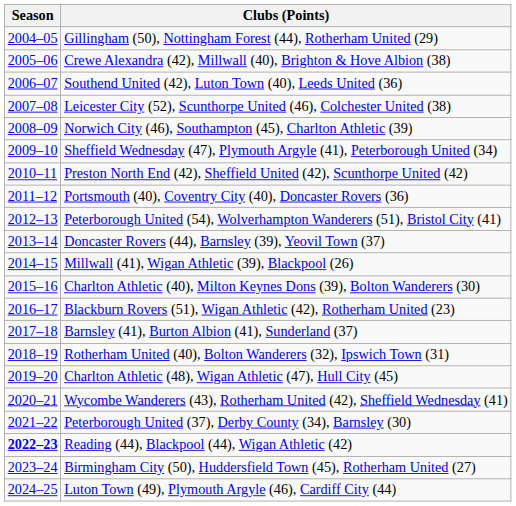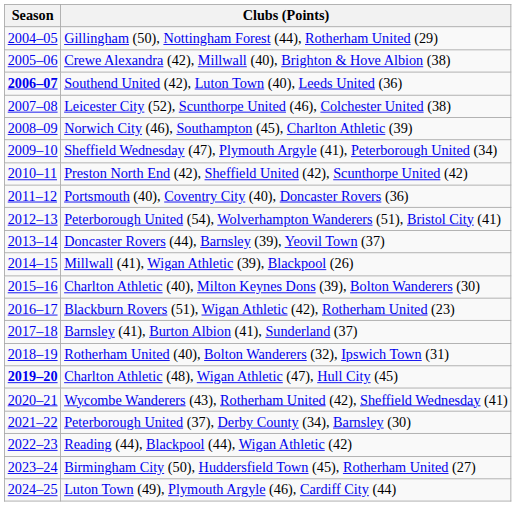 <table class="wikitable" style="text-align:left;">
 <tr>
 <th>Season</th>
 <th>Clubs (Points)</th>
 </tr>
 <tr>
 <td><a href='#'>2004–05</a></td>
 <td><a href='#'>Gillingham</a> (50), <a href='#'>Nottingham Forest</a> (44), <a href='#'>Rotherham United</a> (29)</td>
 </tr>
 <tr>
 <td><a href='#'>2005–06</a></td>
 <td><a href='#'>Crewe Alexandra</a> (42), <a href='#'>Millwall</a> (40), <a href='#'>Brighton & Hove Albion</a> (38)</td>
 </tr>
 <tr>
-<td><a href='#'>2006–07</a></td>
+<td><strong><a href='#'>2006–07</a></strong></td>
 <td><a href='#'>Southend United</a> (42), <a href='#'>Luton Town</a> (40), <a href='#'>Leeds United</a> (36)</td>
 </tr>
 <tr>
 <td><a href='#'>2007–08</a></td>
 <td><a href='#'>Leicester City</a> (52), <a href='#'>Scunthorpe United</a> (46), <a href='#'>Colchester United</a> (38)</td>
 </tr>
 <tr>
 <td><a href='#'>2008–09</a></td>
 <td><a href='#'>Norwich City</a> (46), <a href='#'>Southampton</a> (45), <a href='#'>Charlton Athletic</a> (39)</td>
 </tr>
 <tr>
 <td><a href='#'>2009–10</a></td>
 <td><a href='#'>Sheffield Wednesday</a> (47), <a href='#'>Plymouth Argyle</a> (41), <a href='#'>Peterborough United</a> (34)</td>
 </tr>
 <tr>
 <td><a href='#'>2010–11</a></td>
 <td><a href='#'>Preston North End</a> (42), <a href='#'>Sheffield United</a> (42), <a href='#'>Scunthorpe United</a> (42)</td>
 </tr>
 <tr>
 <td><a href='#'>2011–12</a></td>
 <td><a href='#'>Portsmouth</a> (40), <a href='#'>Coventry City</a> (40), <a href='#'>Doncaster Rovers</a> (36)</td>
 </tr>
 <tr>
 <td><a href='#'>2012–13</a></td>
 <td><a href='#'>Peterborough United</a> (54), <a href='#'>Wolverhampton Wanderers</a> (51), <a href='#'>Bristol City</a> (41)</td>
 </tr>
 <tr>
 <td><a href='#'>2013–14</a></td>
 <td><a href='#'>Doncaster Rovers</a> (44), <a href='#'>Barnsley</a> (39), <a href='#'>Yeovil Town</a> (37)</td>
 </tr>
 <tr>
 <td><a href='#'>2014–15</a></td>
 <td><a href='#'>Millwall</a> (41), <a href='#'>Wigan Athletic</a> (39), <a href='#'>Blackpool</a> (26)</td>
 </tr>
 <tr>
 <td><a href='#'>2015–16</a></td>
 <td><a href='#'>Charlton Athletic</a> (40), <a href='#'>Milton Keynes Dons</a> (39), <a href='#'>Bolton Wanderers</a> (30)</td>
 </tr>
 <tr>
 <td><a href='#'>2016–17</a></td>
 <td><a href='#'>Blackburn Rovers</a> (51), <a href='#'>Wigan Athletic</a> (42), <a href='#'>Rotherham United</a> (23)</td>
 </tr>
 <tr>
 <td><a href='#'>2017–18</a></td>
 <td><a href='#'>Barnsley</a> (41), <a href='#'>Burton Albion</a> (41), <a href='#'>Sunderland</a> (37)</td>
 </tr>
 <tr>
 <td><a href='#'>2018–19</a></td>
 <td><a href='#'>Rotherham United</a> (40), <a href='#'>Bolton Wanderers</a> (32), <a href='#'>Ipswich Town</a> (31)</td>
 </tr>
 <tr>
-<td><a href='#'>2019–20</a></td>
+<td><strong><a href='#'>2019–20</a></strong></td>
 <td><a href='#'>Charlton Athletic</a> (48), <a href='#'>Wigan Athletic</a> (47), <a href='#'>Hull City</a> (45)</td>
 </tr>
 <tr>
 <td><a href='#'>2020–21</a></td>
 <td><a href='#'>Wycombe Wanderers</a> (43), <a href='#'>Rotherham United</a> (42), <a href='#'>Sheffield Wednesday</a> (41)</td>
 </tr>
 <tr>
 <td><a href='#'>2021–22</a></td>
 <td><a href='#'>Peterborough United</a> (37), <a href='#'>Derby County</a> (34), <a href='#'>Barnsley</a> (30)</td>
 </tr>
 <tr>
-<td><strong><a href='#'>2022–23</a></strong></td>
+<td><a href='#'>2022–23</a></td>
 <td><a href='#'>Reading</a> (44), <a href='#'>Blackpool</a> (44), <a href='#'>Wigan Athletic</a> (42)</td>
 </tr>
 <tr>
 <td><a href='#'>2023–24</a></td>
 <td><a href='#'>Birmingham City</a> (50), <a href='#'>Huddersfield Town</a> (45), <a href='#'>Rotherham United</a> (27)</td>
 </tr>
 <tr>
 <td><a href='#'>2024–25</a></td>
 <td><a href='#'>Luton Town</a> (49), <a href='#'>Plymouth Argyle</a> (46), <a href='#'>Cardiff City</a> (44)</td>
 </tr>
 </table>
